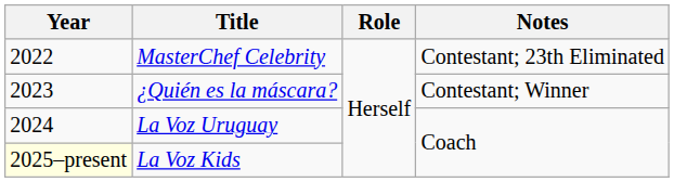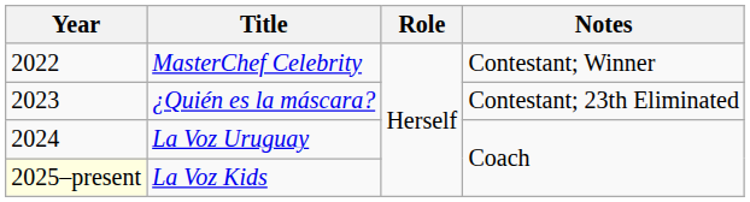 <table class="wikitable sortable">
 <tr>
 <th>Year</th>
 <th>Title</th>
 <th>Role</th>
 <th class="unsortable">Notes</th>
 </tr>
 <tr>
 <td>2022</td>
 <td><a href='#'><em>MasterChef Celebrity</em></a></td>
 <td rowspan="4">Herself</td>
-<td>Contestant; 23th Eliminated</td>
+<td>Contestant; Winner</td>
 </tr>
 <tr>
 <td>2023</td>
 <td><a href='#'><em>¿Quién es la máscara?</em></a></td>
-<td>Contestant; Winner</td>
+<td>Contestant; 23th Eliminated</td>
 </tr>
 <tr>
 <td>2024</td>
 <td><em><a href='#'>La Voz Uruguay</a></em></td>
 <td rowspan="2">Coach</td>
 </tr>
 <tr>
 <td style="background: lightyellow;">2025–present</td>
 <td><em><a href='#'>La Voz Kids</a></em></td>
 </tr>
 </table>
